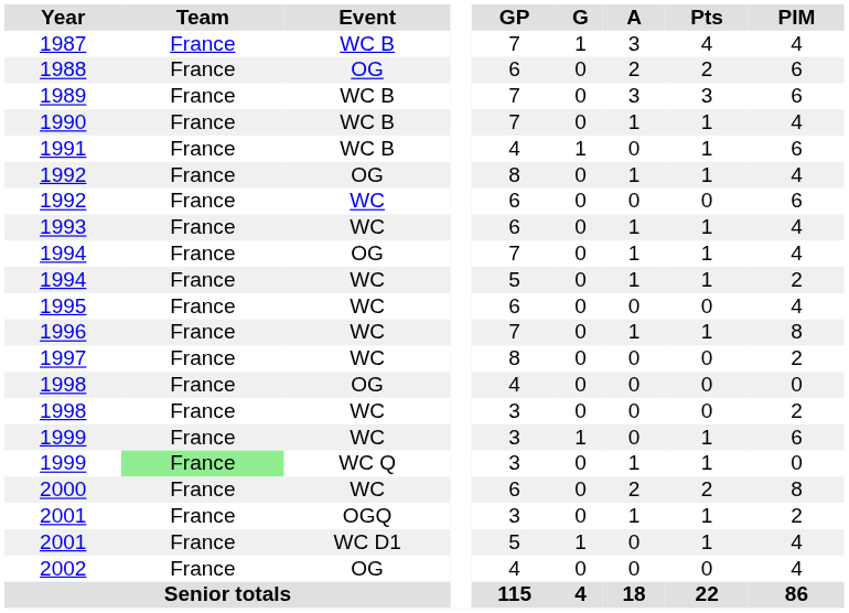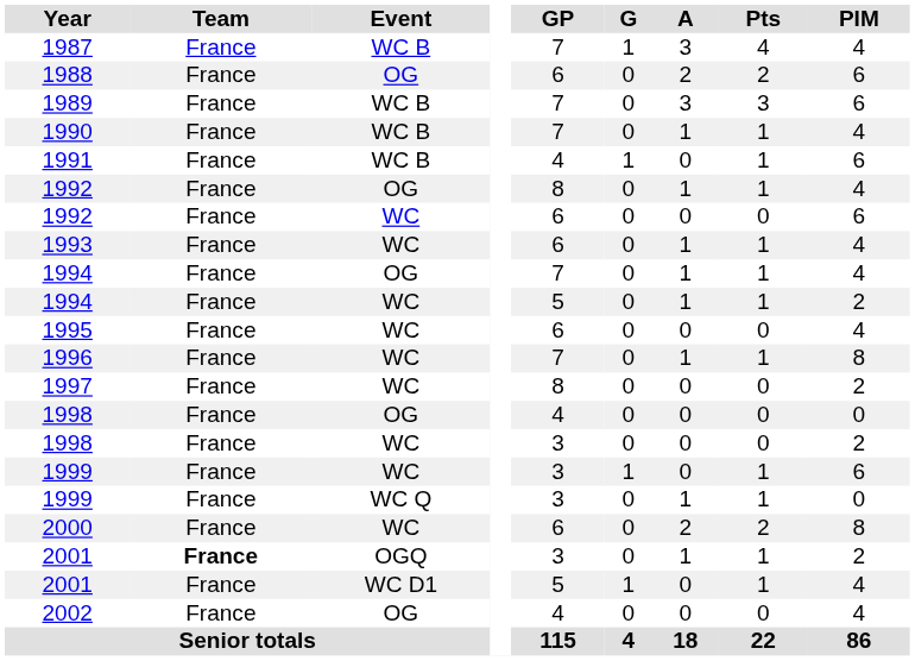 <table border="0" cellpadding="1" cellspacing="0" style="text-align:center; width:40em">
 <tr ALIGN="center" bgcolor="#e0e0e0">
 <th>Year</th>
 <th>Team</th>
 <th>Event</th>
 <th rowspan="99" bgcolor="#ffffff"> </th>
 <th>GP</th>
 <th>G</th>
 <th>A</th>
 <th>Pts</th>
 <th>PIM</th>
 </tr>
 <tr>
 <td><a href='#'>1987</a></td>
 <td><a href='#'>France</a></td>
 <td><a href='#'>WC B</a></td>
 <td>7</td>
 <td>1</td>
 <td>3</td>
 <td>4</td>
 <td>4</td>
 </tr>
 <tr bgcolor="#f0f0f0">
 <td><a href='#'>1988</a></td>
 <td>France</td>
 <td><a href='#'>OG</a></td>
 <td>6</td>
 <td>0</td>
 <td>2</td>
 <td>2</td>
 <td>6</td>
 </tr>
 <tr>
 <td><a href='#'>1989</a></td>
 <td>France</td>
 <td>WC B</td>
 <td>7</td>
 <td>0</td>
 <td>3</td>
 <td>3</td>
 <td>6</td>
 </tr>
 <tr bgcolor="#f0f0f0">
 <td><a href='#'>1990</a></td>
 <td>France</td>
 <td>WC B</td>
 <td>7</td>
 <td>0</td>
 <td>1</td>
 <td>1</td>
 <td>4</td>
 </tr>
 <tr>
 <td><a href='#'>1991</a></td>
 <td>France</td>
 <td>WC B</td>
 <td>4</td>
 <td>1</td>
 <td>0</td>
 <td>1</td>
 <td>6</td>
 </tr>
 <tr bgcolor="#f0f0f0">
 <td><a href='#'>1992</a></td>
 <td>France</td>
 <td>OG</td>
 <td>8</td>
 <td>0</td>
 <td>1</td>
 <td>1</td>
 <td>4</td>
 </tr>
 <tr>
 <td><a href='#'>1992</a></td>
 <td>France</td>
 <td><a href='#'>WC</a></td>
 <td>6</td>
 <td>0</td>
 <td>0</td>
 <td>0</td>
 <td>6</td>
 </tr>
 <tr bgcolor="#f0f0f0">
 <td><a href='#'>1993</a></td>
 <td>France</td>
 <td>WC</td>
 <td>6</td>
 <td>0</td>
 <td>1</td>
 <td>1</td>
 <td>4</td>
 </tr>
 <tr>
 <td><a href='#'>1994</a></td>
 <td>France</td>
 <td>OG</td>
 <td>7</td>
 <td>0</td>
 <td>1</td>
 <td>1</td>
 <td>4</td>
 </tr>
 <tr bgcolor="#f0f0f0">
 <td><a href='#'>1994</a></td>
 <td>France</td>
 <td>WC</td>
 <td>5</td>
 <td>0</td>
 <td>1</td>
 <td>1</td>
 <td>2</td>
 </tr>
 <tr>
 <td><a href='#'>1995</a></td>
 <td>France</td>
 <td>WC</td>
 <td>6</td>
 <td>0</td>
 <td>0</td>
 <td>0</td>
 <td>4</td>
 </tr>
 <tr bgcolor="#f0f0f0">
 <td><a href='#'>1996</a></td>
 <td>France</td>
 <td>WC</td>
 <td>7</td>
 <td>0</td>
 <td>1</td>
 <td>1</td>
 <td>8</td>
 </tr>
 <tr>
 <td><a href='#'>1997</a></td>
 <td>France</td>
 <td>WC</td>
 <td>8</td>
 <td>0</td>
 <td>0</td>
 <td>0</td>
 <td>2</td>
 </tr>
 <tr bgcolor="#f0f0f0">
 <td><a href='#'>1998</a></td>
 <td>France</td>
 <td>OG</td>
 <td>4</td>
 <td>0</td>
 <td>0</td>
 <td>0</td>
 <td>0</td>
 </tr>
 <tr>
 <td><a href='#'>1998</a></td>
 <td>France</td>
 <td>WC</td>
 <td>3</td>
 <td>0</td>
 <td>0</td>
 <td>0</td>
 <td>2</td>
 </tr>
 <tr bgcolor="#f0f0f0">
 <td><a href='#'>1999</a></td>
 <td>France</td>
 <td>WC</td>
 <td>3</td>
 <td>1</td>
 <td>0</td>
 <td>1</td>
 <td>6</td>
 </tr>
 <tr>
 <td><a href='#'>1999</a></td>
-<td style="background: lightgreen;">France</td>
+<td>France</td>
 <td>WC Q</td>
 <td>3</td>
 <td>0</td>
 <td>1</td>
 <td>1</td>
 <td>0</td>
 </tr>
 <tr bgcolor="#f0f0f0">
 <td><a href='#'>2000</a></td>
 <td>France</td>
 <td>WC</td>
 <td>6</td>
 <td>0</td>
 <td>2</td>
 <td>2</td>
 <td>8</td>
 </tr>
 <tr>
 <td><a href='#'>2001</a></td>
-<td>France</td>
+<td><strong>France</strong></td>
 <td>OGQ</td>
 <td>3</td>
 <td>0</td>
 <td>1</td>
 <td>1</td>
 <td>2</td>
 </tr>
 <tr bgcolor="#f0f0f0">
 <td><a href='#'>2001</a></td>
 <td>France</td>
 <td>WC D1</td>
 <td>5</td>
 <td>1</td>
 <td>0</td>
 <td>1</td>
 <td>4</td>
 </tr>
 <tr>
 <td><a href='#'>2002</a></td>
 <td>France</td>
 <td>OG</td>
 <td>4</td>
 <td>0</td>
 <td>0</td>
 <td>0</td>
 <td>4</td>
 </tr>
 <tr bgcolor="#e0e0e0">
 <th colspan=3>Senior totals</th>
 <th>115</th>
 <th>4</th>
 <th>18</th>
 <th>22</th>
 <th>86</th>
 </tr>
 </table>
